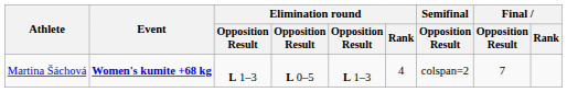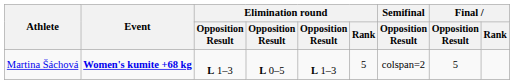 <table class=wikitable style=font-size:90%;text-align:center>
 <tr>
 <th rowspan=2>Athlete</th>
 <th rowspan=2>Event</th>
 <th colspan=4>Elimination round</th>
 <th>Semifinal</th>
 <th colspan=2>Final / </th>
 </tr>
 <tr style=font-size:95%>
 <th>Opposition<br>Result</th>
 <th>Opposition<br>Result</th>
 <th>Opposition<br>Result</th>
 <th>Rank</th>
 <th>Opposition<br>Result</th>
 <th>Opposition<br>Result</th>
 <th>Rank</th>
 </tr>
 <tr>
 <td align=left><a href='#'>Martina Šáchová</a></td>
 <td align=left><strong><a href='#'>Women's kumite +68 kg</a></strong></td>
 <td><br><strong>L</strong> 1–3</td>
 <td><br><strong>L</strong> 0–5</td>
 <td><br><strong>L</strong> 1–3</td>
-<td>4</td>
+<td>5</td>
 <td>colspan=2 </td>
-<td>7</td>
+<td>5</td>
 </tr>
 </table>
